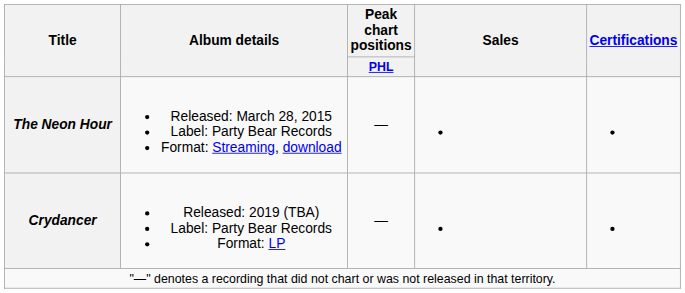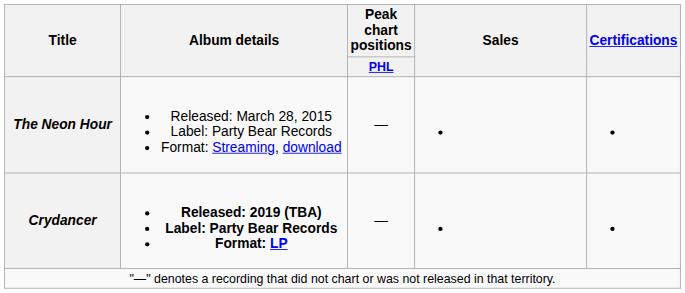 <table class="wikitable plainrowheaders" style="text-align:center;" border="1">
 <tr>
 <th scope="col" rowspan="2" style="width:8em;">Title</th>
 <th scope="col" rowspan="2" style="width:16em;">Album details</th>
 <th scope="col">Peak chart positions</th>
 <th scope="col" rowspan="2" style="width:12em;">Sales</th>
 <th scope="col" rowspan="2"><a href='#'>Certifications</a></th>
 </tr>
 <tr>
 <th scope="col" style="width:2.2em;font-size:90%;"><a href='#'>PHL</a><br></th>
 </tr>
 <tr>
 <th scope="row"><em>The Neon Hour</em></th>
 <td><br><ul><li>Released: March 28, 2015</li><li>Label: Party Bear Records</li><li>Format: <a href='#'>Streaming</a>, <a href='#'>download</a></li></ul></td>
 <td>—</td>
 <td><br><ul><li></li></ul></td>
 <td><br><ul><li></li></ul></td>
 </tr>
 <tr>
 <th scope="row"><em>Crydancer</em></th>
-<td><br><ul><li>Released: 2019 (TBA)</li><li>Label: Party Bear Records</li><li>Format: <a href='#'>LP</a></li></ul></td>
+<td><strong><br><ul><li>Released: 2019 (TBA)</li><li>Label: Party Bear Records</li><li>Format: <a href='#'>LP</a></li></ul></strong></td>
 <td>—</td>
 <td><br><ul><li></li></ul></td>
 <td><br><ul><li></li></ul></td>
 </tr>
 <tr>
 <td colspan="14" style="font-size:90%">"—" denotes a recording that did not chart or was not released in that territory.</td>
 </tr>
 </table>
